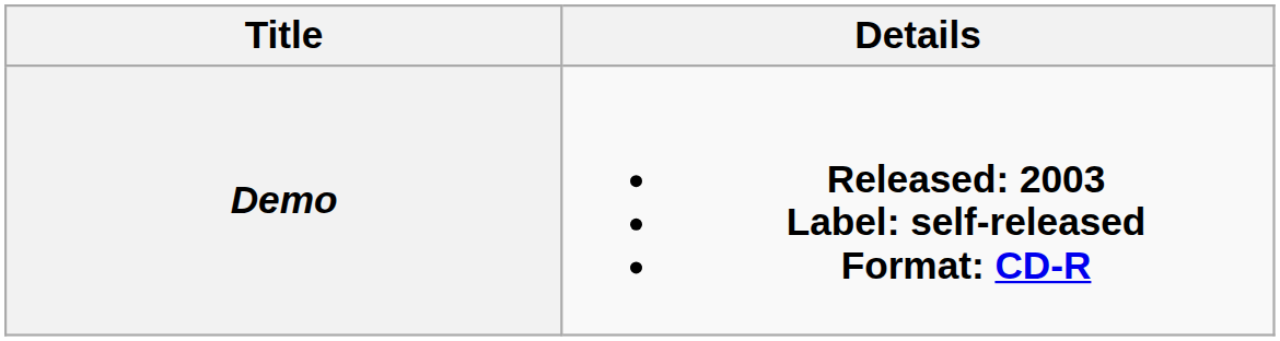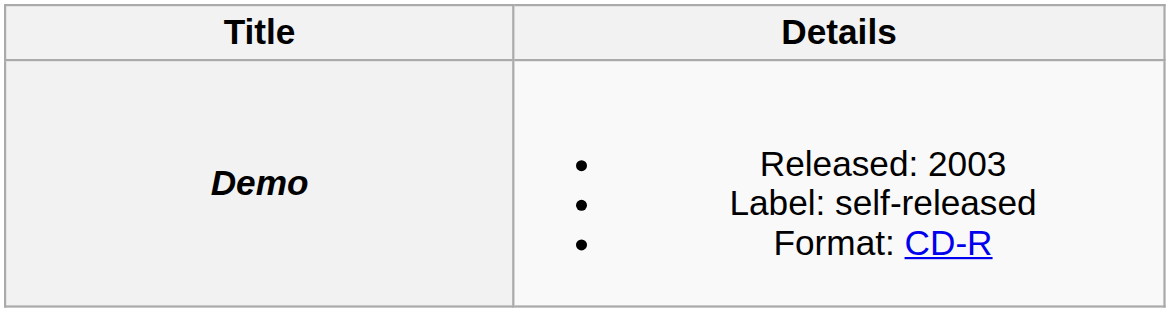 <table class="wikitable plainrowheaders" style="text-align:center;">
 <tr>
 <th scope="col" style="width:14em;">Title</th>
 <th scope="col" style="width:18em;">Details</th>
 </tr>
 <tr>
 <th scope="row"><em>Demo</em></th>
-<td><strong><br><ul><li>Released: 2003</li><li>Label: self-released</li><li>Format: <a href='#'>CD-R</a></li></ul></strong></td>
+<td><br><ul><li>Released: 2003</li><li>Label: self-released</li><li>Format: <a href='#'>CD-R</a></li></ul></td>
 </tr>
 </table>
